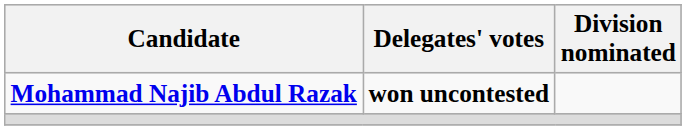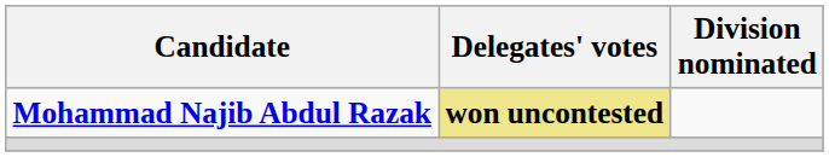 <table class=wikitable>
 <tr>
 <th>Candidate</th>
 <th>Delegates' votes</th>
 <th>Division <br>nominated</th>
 </tr>
 <tr>
 <td><strong><a href='#'>Mohammad Najib Abdul Razak</a></strong></td>
-<td align=center><strong>won uncontested</strong></td>
+<td align=center style="background: khaki;"><strong>won uncontested</strong></td>
 <td align=center><strong></strong></td>
 </tr>
 <tr>
 <td colspan=3 bgcolor=dcdcdc></td>
 </tr>
 </table>
